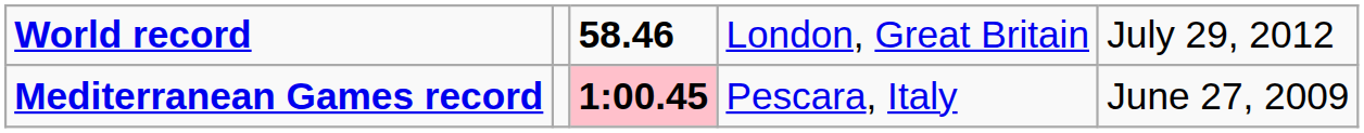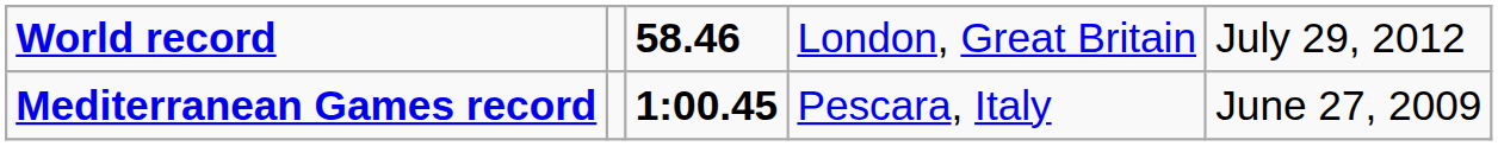 <table class="wikitable">
 <tr>
 <td><strong><a href='#'>World record</a></strong></td>
 <td></td>
 <td><strong>58.46</strong></td>
 <td><a href='#'>London</a>, <a href='#'>Great Britain</a></td>
 <td>July 29, 2012</td>
 </tr>
 <tr>
 <td><strong><a href='#'>Mediterranean Games record</a></strong></td>
 <td></td>
-<td style="background: pink;"><strong>1:00.45</strong></td>
+<td><strong>1:00.45</strong></td>
 <td><a href='#'>Pescara</a>, <a href='#'>Italy</a></td>
 <td>June 27, 2009</td>
 </tr>
 </table>
